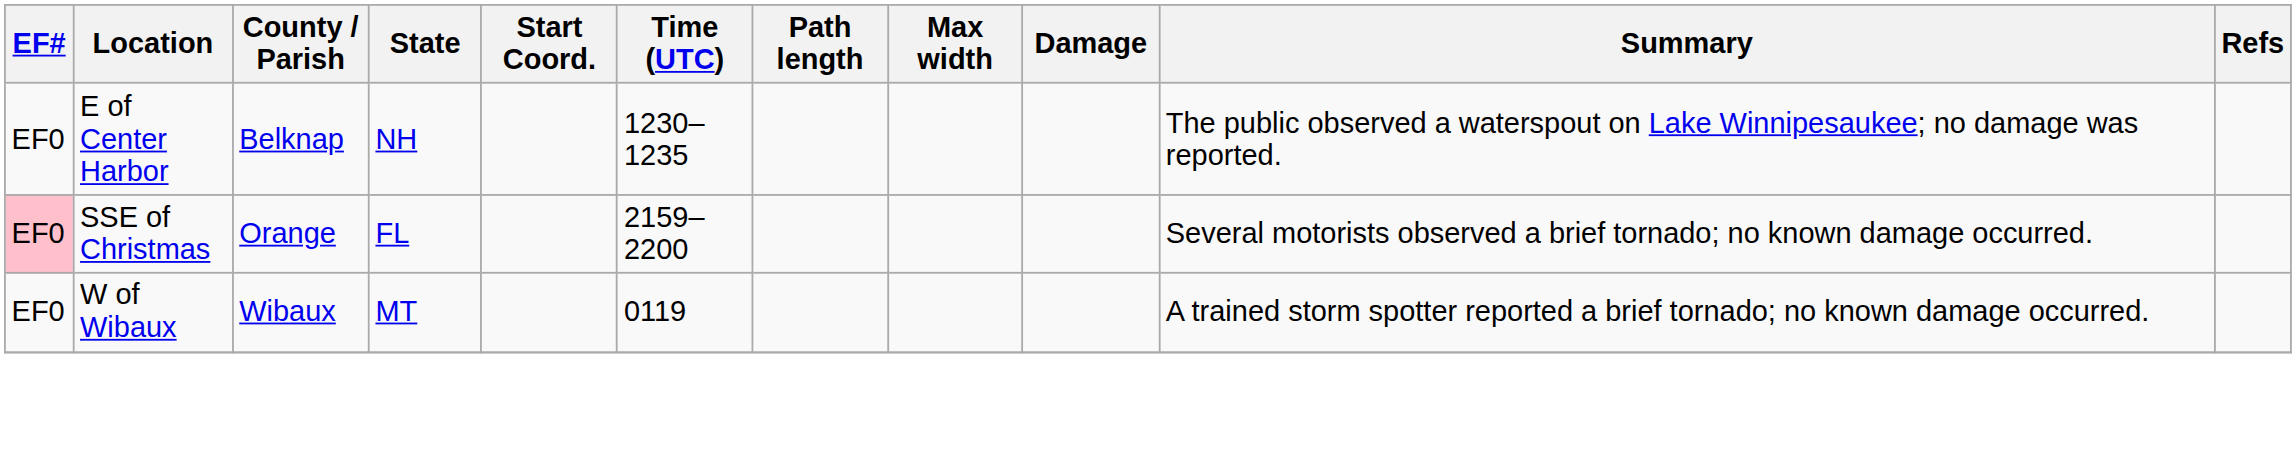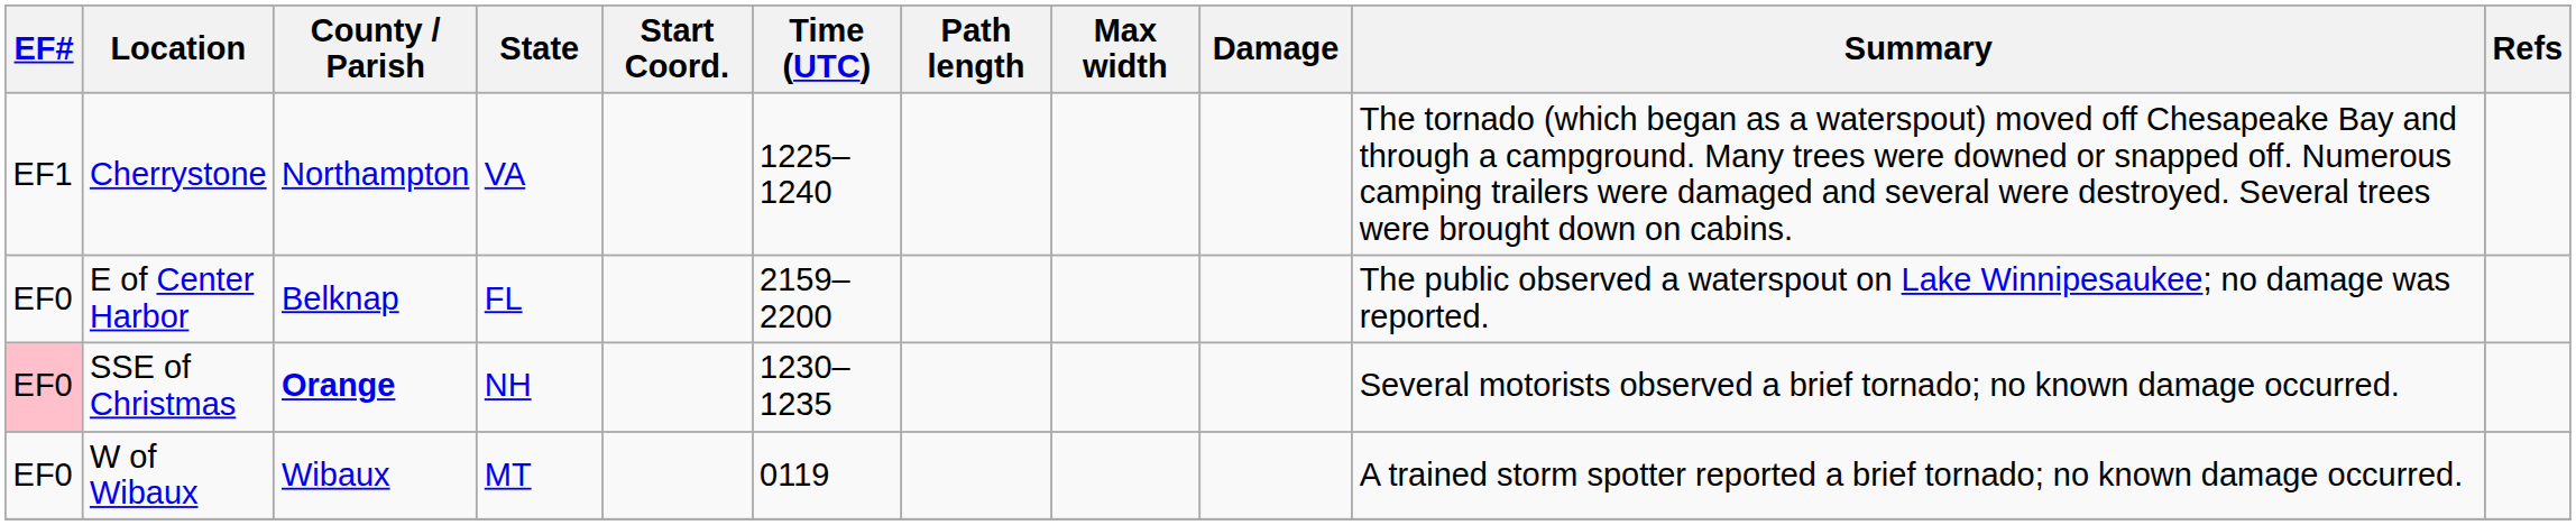 <table class="wikitable sortable" style="width:100%;">
 <tr>
 <th scope="col" width="3%" align="center"><a href='#'>EF#</a></th>
 <th scope="col" width="7%" align="center" class="unsortable">Location</th>
 <th scope="col" width="6%" align="center" class="unsortable">County / Parish</th>
 <th scope="col" width="5%" align="center">State</th>
 <th scope="col" width="6%" align="center">Start Coord.</th>
 <th scope="col" width="6%" align="center">Time (<a href='#'>UTC</a>)</th>
 <th scope="col" width="6%" align="center">Path length</th>
 <th scope="col" width="6%" align="center">Max width</th>
 <th scope="col" width="6%" align="center">Damage</th>
 <th scope="col" width="48%" class="unsortable" align="center">Summary</th>
 <th scope="col" width="48%" class="unsortable" align="center">Refs</th>
 </tr>
 <tr>
+<td>EF1</td>
+<td><a href='#'>Cherrystone</a></td>
+<td><a href='#'>Northampton</a></td>
+<td><a href='#'>VA</a></td>
+<td></td>
+<td>1225–1240</td>
+<td></td>
+<td></td>
+<td></td>
+<td>The tornado (which began as a waterspout) moved off Chesapeake Bay and through a campground. Many trees were downed or snapped off. Numerous camping trailers were damaged and several were destroyed. Several trees were brought down on cabins.</td>
+<td></td>
+</tr>
+<tr>
 <td>EF0</td>
 <td>E of <a href='#'>Center Harbor</a></td>
 <td><a href='#'>Belknap</a></td>
-<td><a href='#'>NH</a></td>
+<td><a href='#'>FL</a></td>
 <td></td>
-<td>1230–1235</td>
+<td>2159–2200</td>
 <td></td>
 <td></td>
 <td></td>
 <td>The public observed a waterspout on <a href='#'>Lake Winnipesaukee</a>; no damage was reported.</td>
 <td></td>
 </tr>
 <tr>
 <td style="background: pink;">EF0</td>
 <td>SSE of <a href='#'>Christmas</a></td>
-<td><a href='#'>Orange</a></td>
-<td><a href='#'>FL</a></td>
+<td><strong><a href='#'>Orange</a></strong></td>
+<td><a href='#'>NH</a></td>
 <td></td>
-<td>2159–2200</td>
+<td>1230–1235</td>
 <td></td>
 <td></td>
 <td></td>
 <td>Several motorists observed a brief tornado; no known damage occurred.</td>
 <td></td>
 </tr>
 <tr>
 <td>EF0</td>
 <td>W of <a href='#'>Wibaux</a></td>
 <td><a href='#'>Wibaux</a></td>
 <td><a href='#'>MT</a></td>
 <td></td>
 <td>0119</td>
 <td></td>
 <td></td>
 <td></td>
 <td>A trained storm spotter reported a brief tornado; no known damage occurred.</td>
 <td></td>
 </tr>
 <tr>
 </tr>
 </table>
